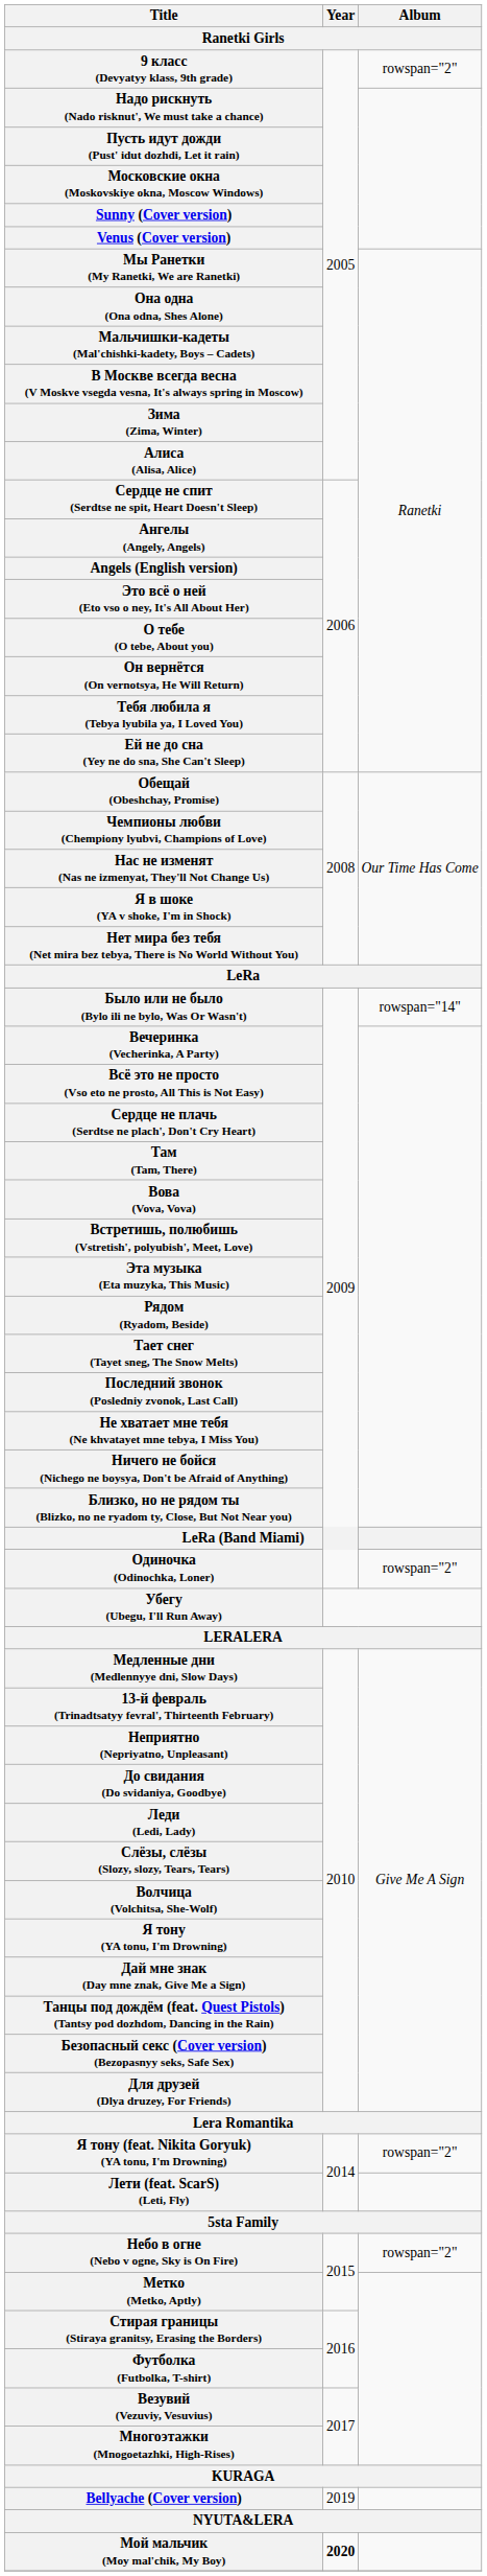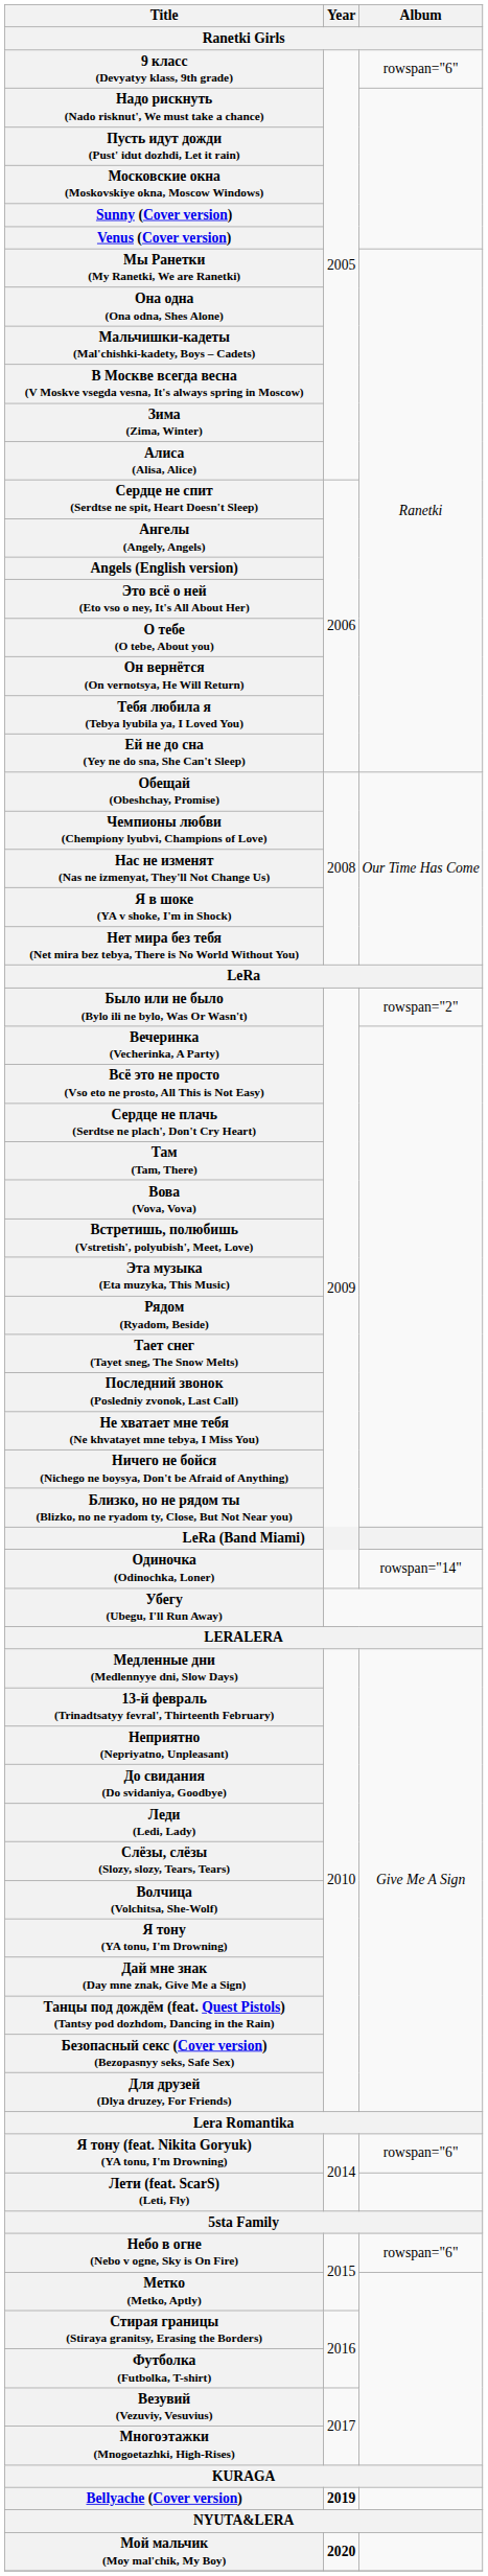 <table class="wikitable plainrowheaders" style="text-align:center;">
 <tr>
 <th scope="col" style="width:22em;">Title</th>
 <th scope="col" style="width:1em;">Year</th>
 <th scope="col">Album</th>
 </tr>
 <tr>
 <th colspan=5 class="bright">Ranetki Girls</th>
 </tr>
 <tr>
 <th scope="row">9 класс <br> <small>(Devyatyy klass, 9th grade)</small></th>
 <td rowspan="12">2005</td>
-<td>rowspan="2" </td>
+<td>rowspan="6" </td>
 </tr>
 <tr>
 <th scope="row">Надо рискнуть <br> <small>(Nado risknut', We must take a chance)</small></th>
 </tr>
 <tr>
 <th scope="row">Пусть идут дожди <br> <small>(Pust' idut dozhdi, Let it rain)</small></th>
 </tr>
 <tr>
 <th scope="row">Московские окна <br> <small>(Moskovskiye okna, Moscow Windows)</small></th>
 </tr>
 <tr>
 <th scope="row"><a href='#'>Sunny</a> (<a href='#'>Cover version</a>)</th>
 </tr>
 <tr>
 <th scope="row"><a href='#'>Venus</a> (<a href='#'>Cover version</a>)</th>
 </tr>
 <tr>
 <th scope="row">Мы Ранетки <br> <small>(My Ranetki, We are Ranetki)</small></th>
 <td rowspan="14"><em>Ranetki</em></td>
 </tr>
 <tr>
 <th scope="row">Она одна <br> <small>(Ona odna, Shes Alone)</small></th>
 </tr>
 <tr>
 <th scope="row">Мальчишки-кадеты <br> <small>(Mal'chishki-kadety, Boys – Cadets)</small></th>
 </tr>
 <tr>
 <th scope="row">В Москве всегда весна <br> <small>(V Moskve vsegda vesna, It's always spring in Moscow)</small></th>
 </tr>
 <tr>
 <th scope="row">Зима <br> <small>(Zima, Winter)</small></th>
 </tr>
 <tr>
 <th scope="row">Алиса <br> <small>(Alisa, Alice)</small></th>
 </tr>
 <tr>
 <th scope="row">Сердце не спит <br> <small>(Serdtse ne spit, Heart Doesn't Sleep)</small></th>
 <td rowspan="8">2006</td>
 </tr>
 <tr>
 <th scope="row">Ангелы <br> <small>(Angely, Angels)</small></th>
 </tr>
 <tr>
 <th scope="row">Angels (English version)</th>
 </tr>
 <tr>
 <th scope="row">Это всё о ней <br> <small>(Eto vso o ney, It's All About Her)</small></th>
 </tr>
 <tr>
 <th scope="row">О тебе <br> <small>(O tebe, About you)</small></th>
 </tr>
 <tr>
 <th scope="row">Он вернётся <br> <small>(On vernotsya, He Will Return)</small></th>
 </tr>
 <tr>
 <th scope="row">Тебя любила я <br> <small>(Tebya lyubila ya, I Loved You)</small></th>
 </tr>
 <tr>
 <th scope="row">Ей не до сна <br> <small>(Yey ne do sna, She Can't Sleep)</small></th>
 </tr>
 <tr>
 <th scope="row">Обещай <br> <small>(Obeshchay, Promise)</small></th>
 <td rowspan="5">2008</td>
 <td rowspan="5"><em>Our Time Has Come</em></td>
 </tr>
 <tr>
 <th scope="row">Чемпионы любви <br> <small>(Chempiony lyubvi, Champions of Love)</small></th>
 </tr>
 <tr>
 <th scope="row">Нас не изменят <br> <small>(Nas ne izmenyat, They'll Not Change Us)</small></th>
 </tr>
 <tr>
 <th scope="row">Я в шоке <br> <small>(YA v shoke, I'm in Shock)</small></th>
 </tr>
 <tr>
 <th scope="row">Нет мира без тебя <br> <small>(Net mira bez tebya, There is No World Without You)</small></th>
 </tr>
 <tr>
 <th colspan=5 class="bright">LeRa</th>
 </tr>
 <tr>
 <th scope="row">Было или не было <br> <small>(Bylo ili ne bylo, Was Or Wasn't)</small></th>
 <td rowspan="16">2009</td>
-<td>rowspan="14" </td>
+<td>rowspan="2" </td>
 </tr>
 <tr>
 <th scope="row">Вечеринка <br> <small>(Vecherinka, A Party)</small></th>
 </tr>
 <tr>
 <th scope="row">Всё это не просто <br> <small>(Vso eto ne prosto, All This is Not Easy)</small></th>
 </tr>
 <tr>
 <th scope="row">Сердце не плачь <br> <small>(Serdtse ne plach', Don't Cry Heart)</small></th>
 </tr>
 <tr>
 <th scope="row">Там <br> <small>(Tam, There)</small></th>
 </tr>
 <tr>
 <th scope="row">Вова <br> <small>(Vova, Vova)</small></th>
 </tr>
 <tr>
 <th scope="row">Встретишь, полюбишь <br> <small>(Vstretish', polyubish', Meet, Love)</small></th>
 </tr>
 <tr>
 <th scope="row">Эта музыка <br> <small>(Eta muzyka, This Music)</small></th>
 </tr>
 <tr>
 <th scope="row">Рядом <br> <small>(Ryadom, Beside)</small></th>
 </tr>
 <tr>
 <th scope="row">Тает снег <br> <small>(Tayet sneg, The Snow Melts)</small></th>
 </tr>
 <tr>
 <th scope="row">Последний звонок <br> <small>(Posledniy zvonok, Last Call)</small></th>
 </tr>
 <tr>
 <th scope="row">Не хватает мне тебя <br> <small>(Ne khvatayet mne tebya, I Miss You)</small></th>
 </tr>
 <tr>
 <th scope="row">Ничего не бойся <br> <small>(Nichego ne boysya, Don't be Afraid of Anything)</small></th>
 </tr>
 <tr>
 <th scope="row">Близко, но не рядом ты <br> <small>(Blizko, no ne ryadom ty, Close, But Not Near you)</small></th>
 </tr>
 <tr>
 <th colspan=5 class="bright">LeRa (Band Miami)</th>
 </tr>
 <tr>
 <th scope="row">Одиночка <br> <small>(Odinochka, Loner)</small></th>
-<td>rowspan="2" </td>
+<td>rowspan="14" </td>
 </tr>
 <tr>
 <th scope="row">Убегу <br> <small>(Ubegu, I'll Run Away)</small></th>
 </tr>
 <tr>
 <th colspan=5 class="bright">LERALERA</th>
 </tr>
 <tr>
 <th scope="row">Медленные дни <br> <small>(Medlennyye dni, Slow Days)</small></th>
 <td rowspan="12">2010</td>
 <td rowspan="12"><em>Give Me A Sign</em></td>
 </tr>
 <tr>
 <th scope="row">13-й февраль <br> <small>(Trinadtsatyy fevral', Thirteenth February)</small></th>
 </tr>
 <tr>
 <th scope="row">Неприятно <br> <small>(Nepriyatno, Unpleasant)</small></th>
 </tr>
 <tr>
 <th scope="row">До свидания <br> <small>(Do svidaniya, Goodbye)</small></th>
 </tr>
 <tr>
 <th scope="row">Леди <br> <small>(Ledi, Lady)</small></th>
 </tr>
 <tr>
 <th scope="row">Слёзы, слёзы <br> <small>(Slozy, slozy, Tears, Tears)</small></th>
 </tr>
 <tr>
 <th scope="row">Волчица <br> <small>(Volchitsa, She-Wolf)</small></th>
 </tr>
 <tr>
 <th scope="row">Я тону <br> <small>(YA tonu, I'm Drowning)</small></th>
 </tr>
 <tr>
 <th scope="row">Дай мне знак <br> <small>(Day mne znak, Give Me a Sign)</small></th>
 </tr>
 <tr>
 <th scope="row">Танцы под дождём (feat. <a href='#'>Quest Pistols</a>) <br> <small>(Tantsy pod dozhdom, Dancing in the Rain)</small></th>
 </tr>
 <tr>
 <th scope="row">Безопасный секс (<a href='#'>Cover version</a>) <br> <small>(Bezopasnyy seks, Safe Sex)</small></th>
 </tr>
 <tr>
 <th scope="row">Для друзей <br> <small>(Dlya druzey, For Friends)</small></th>
 </tr>
 <tr>
 <th colspan=5 class="bright">Lera Romantika</th>
 </tr>
 <tr>
 <th scope="row">Я тону (feat. Nikita Goryuk) <br> <small>(YA tonu, I'm Drowning)</small></th>
 <td rowspan="2">2014</td>
-<td>rowspan="2" </td>
+<td>rowspan="6" </td>
 </tr>
 <tr>
 <th scope="row">Лети (feat. ScarS) <br> <small>(Leti, Fly)</small></th>
 </tr>
 <tr>
 <th colspan=5 class="bright">5sta Family</th>
 </tr>
 <tr>
 <th scope="row">Небо в огне <br> <small>(Nebo v ogne, Sky is On Fire)</small></th>
 <td rowspan="2">2015</td>
-<td>rowspan="2" </td>
+<td>rowspan="6" </td>
 </tr>
 <tr>
 <th scope="row">Метко <br> <small>(Metko, Aptly)</small></th>
 </tr>
 <tr>
 <th scope="row">Стирая границы <br> <small>(Stiraya granitsy, Erasing the Borders)</small></th>
 <td rowspan="2">2016</td>
 </tr>
 <tr>
 <th scope="row">Футболка <br> <small>(Futbolka, T-shirt)</small></th>
 </tr>
 <tr>
 <th scope="row">Везувий <br> <small>(Vezuviy, Vesuvius)</small></th>
 <td rowspan="2">2017</td>
 </tr>
 <tr>
 <th scope="row">Многоэтажки <br> <small>(Mnogoetazhki, High-Rises)</small></th>
 </tr>
 <tr>
 <th colspan=5 class="bright">KURAGA</th>
 </tr>
 <tr>
 <th scope="row"><a href='#'>Bellyache</a> (<a href='#'>Cover version</a>)</th>
-<td>2019</td>
+<td><strong>2019</strong></td>
 <td></td>
 </tr>
 <tr>
 <th colspan=5 class="bright">NYUTA&LERA</th>
 </tr>
 <tr>
 <th scope="row">Мой мальчик <br> <small>(Moy mal'chik, My Boy)</small></th>
 <td><strong>2020</strong></td>
 <td></td>
 </tr>
 <tr>
 </tr>
 </table>
